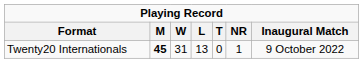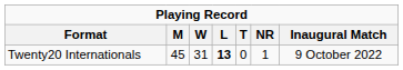 <table class="wikitable" style="text-align: center; width: 500px;">
 <tr>
 <td colspan=7 align="center"><strong>Playing Record</strong></td>
 </tr>
 <tr>
 <th>Format</th>
 <th>M</th>
 <th>W</th>
 <th>L</th>
 <th>T</th>
 <th>NR</th>
 <th>Inaugural Match</th>
 </tr>
 <tr>
 <td align="left">Twenty20 Internationals</td>
-<td><strong>45</strong></td>
+<td>45</td>
 <td>31</td>
-<td>13</td>
+<td><strong>13</strong></td>
 <td>0</td>
 <td>1</td>
 <td>9 October 2022</td>
 </tr>
 </table>
